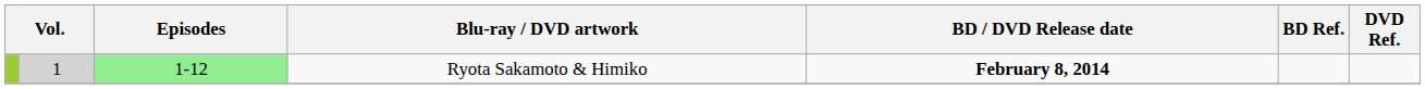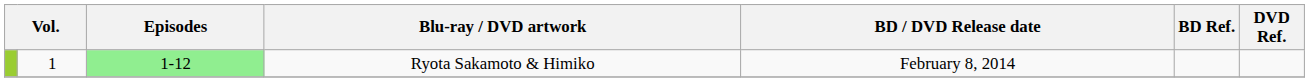 <table class="wikitable" style="text-align: center; width: 98%;">
 <tr>
 <th colspan="2">Vol.</th>
 <th>Episodes</th>
 <th>Blu-ray / DVD artwork</th>
 <th>BD / DVD Release date</th>
 <th width="5%">BD Ref.</th>
 <th width="5%">DVD Ref.</th>
 </tr>
 <tr>
 <td width="1%" style="background: YellowGreen;"></td>
-<td style="background: lightgrey;">1</td>
+<td>1</td>
 <td style="background: lightgreen;">1-12</td>
 <td>Ryota Sakamoto & Himiko</td>
-<td><strong>February 8, 2014</strong></td>
+<td>February 8, 2014</td>
 <td></td>
 <td></td>
 </tr>
 <tr>
 </tr>
 </table>
